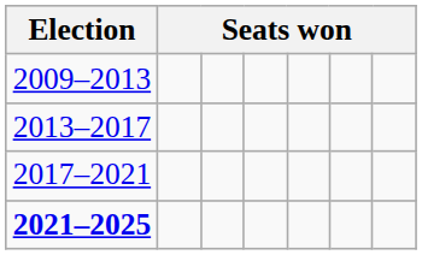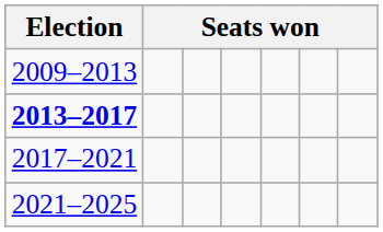 <table class="wikitable">
 <tr>
 <th>Election</th>
 <th colspan=6>Seats won</th>
 </tr>
 <tr>
 <td><a href='#'>2009–2013</a></td>
 <td width=15 > </td>
 <td width=15 > </td>
 <td width=15 > </td>
 <td width=15 > </td>
 <td width=15 > </td>
 <td width=15 > </td>
 </tr>
 <tr>
-<td><a href='#'>2013–2017</a></td>
+<td><strong><a href='#'>2013–2017</a></strong></td>
 <td width=15 > </td>
 <td width=15 > </td>
 <td width=15 > </td>
 <td width=15 > </td>
 <td width=15 > </td>
 <td width=15 > </td>
 </tr>
 <tr>
 <td><a href='#'>2017–2021</a></td>
 <td width=15 > </td>
 <td width=15 > </td>
 <td width=15 > </td>
 <td width=15 > </td>
 <td width=15 > </td>
 <td width=15 > </td>
 </tr>
 <tr>
-<td><strong><a href='#'>2021–2025</a></strong></td>
+<td><a href='#'>2021–2025</a></td>
 <td width=15 > </td>
 <td width=15 > </td>
 <td width=15 > </td>
 <td width=15 > </td>
 <td width=15 > </td>
 <td width=15 > </td>
 </tr>
 </table>
